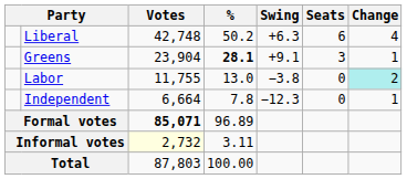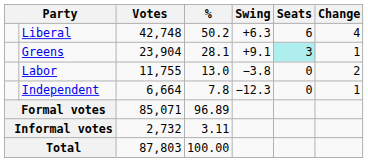 <table class="wikitable" style="text-align:right; margin-bottom:0">
 <tr>
 <th style="width:10px" colspan=3>Party</th>
 <th style="width:70px;">Votes</th>
 <th style="width:40px;">%</th>
 <th style="width:40px;">Swing</th>
 <th style="width:40px;">Seats</th>
 <th style="width:40px;">Change</th>
 </tr>
 <tr>
 <td> </td>
 <td style="text-align:left;" colspan="2"><a href='#'>Liberal</a></td>
 <td>42,748</td>
 <td>50.2</td>
 <td>+6.3</td>
 <td>6</td>
 <td> 4</td>
 </tr>
 <tr>
 <td> </td>
 <td style="text-align:left;" colspan="2"><a href='#'>Greens</a></td>
 <td>23,904</td>
-<td><strong>28.1</strong></td>
+<td>28.1</td>
 <td>+9.1</td>
-<td>3</td>
+<td style="background: paleturquoise;">3</td>
 <td> 1</td>
 </tr>
 <tr>
 <td> </td>
 <td style="text-align:left;" colspan="2"><a href='#'>Labor</a></td>
 <td>11,755</td>
 <td>13.0</td>
 <td>−3.8</td>
 <td>0</td>
-<td style="background: paleturquoise;"> 2</td>
+<td> 2</td>
 </tr>
 <tr>
 <td> </td>
 <td style="text-align:left;" colspan="2"><a href='#'>Independent</a></td>
 <td>6,664</td>
 <td>7.8</td>
 <td>−12.3</td>
 <td>0</td>
 <td> 1</td>
 </tr>
 <tr>
 <th colspan="3" rowspan="1"> Formal votes</th>
-<td><strong>85,071</strong></td>
+<td>85,071</td>
 <td>96.89</td>
 <td></td>
 <td></td>
 <td></td>
 </tr>
 <tr>
 <th colspan="3" rowspan="1"> Informal votes</th>
-<td style="background: lightyellow;">2,732</td>
+<td>2,732</td>
 <td>3.11</td>
 <td></td>
 <td></td>
 <td></td>
 </tr>
 <tr>
 <th colspan="3" rowspan="1"> <strong>Total </strong></th>
 <td>87,803</td>
 <td>100.00</td>
 <td></td>
 <td></td>
 <td></td>
 </tr>
 </table>
